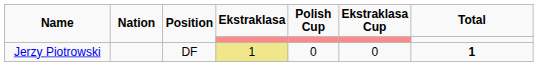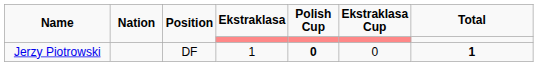 <table class="wikitable" style="font-size: 100%; text-align: center;">
 <tr>
 <td rowspan="2" width="20%" align="center"><strong>Name</strong></td>
 <td rowspan="2" width="10%" align="center"><strong>Nation</strong></td>
 <td rowspan="2" width="10%" align="center"><strong>Position</strong></td>
 <td colspan="1" align="center"><strong>Ekstraklasa</strong></td>
 <td colspan="1" align="center"><strong>Polish Cup</strong></td>
 <td colspan="1" align="center"><strong>Ekstraklasa Cup</strong></td>
 <td colspan="1" align="center"><strong>Total</strong></td>
 </tr>
 <tr>
 <th width=60 style="background: #FF8888"></th>
 <th width=60 style="background: #FF8888"></th>
 <th width=60 style="background: #FF8888"></th>
 </tr>
 <tr>
 <td><a href='#'>Jerzy Piotrowski</a></td>
 <td></td>
 <td>DF</td>
-<td style="background: khaki;">1</td>
-<td>0</td>
+<td>1</td>
+<td><strong>0</strong></td>
 <td>0</td>
 <td><strong>1</strong></td>
 </tr>
 </table>
